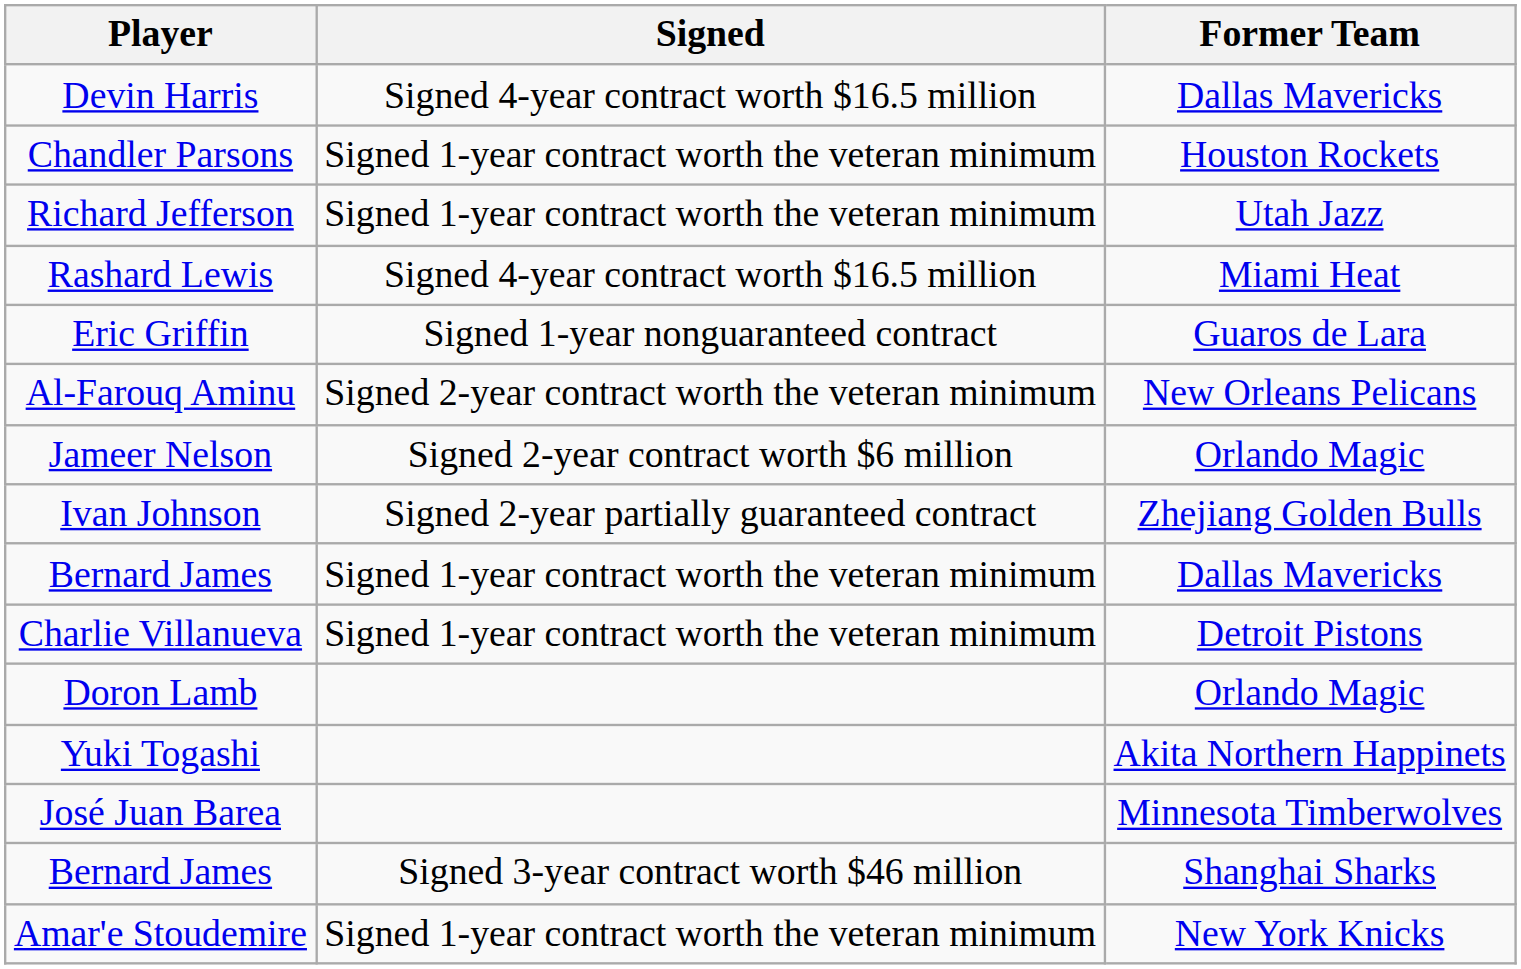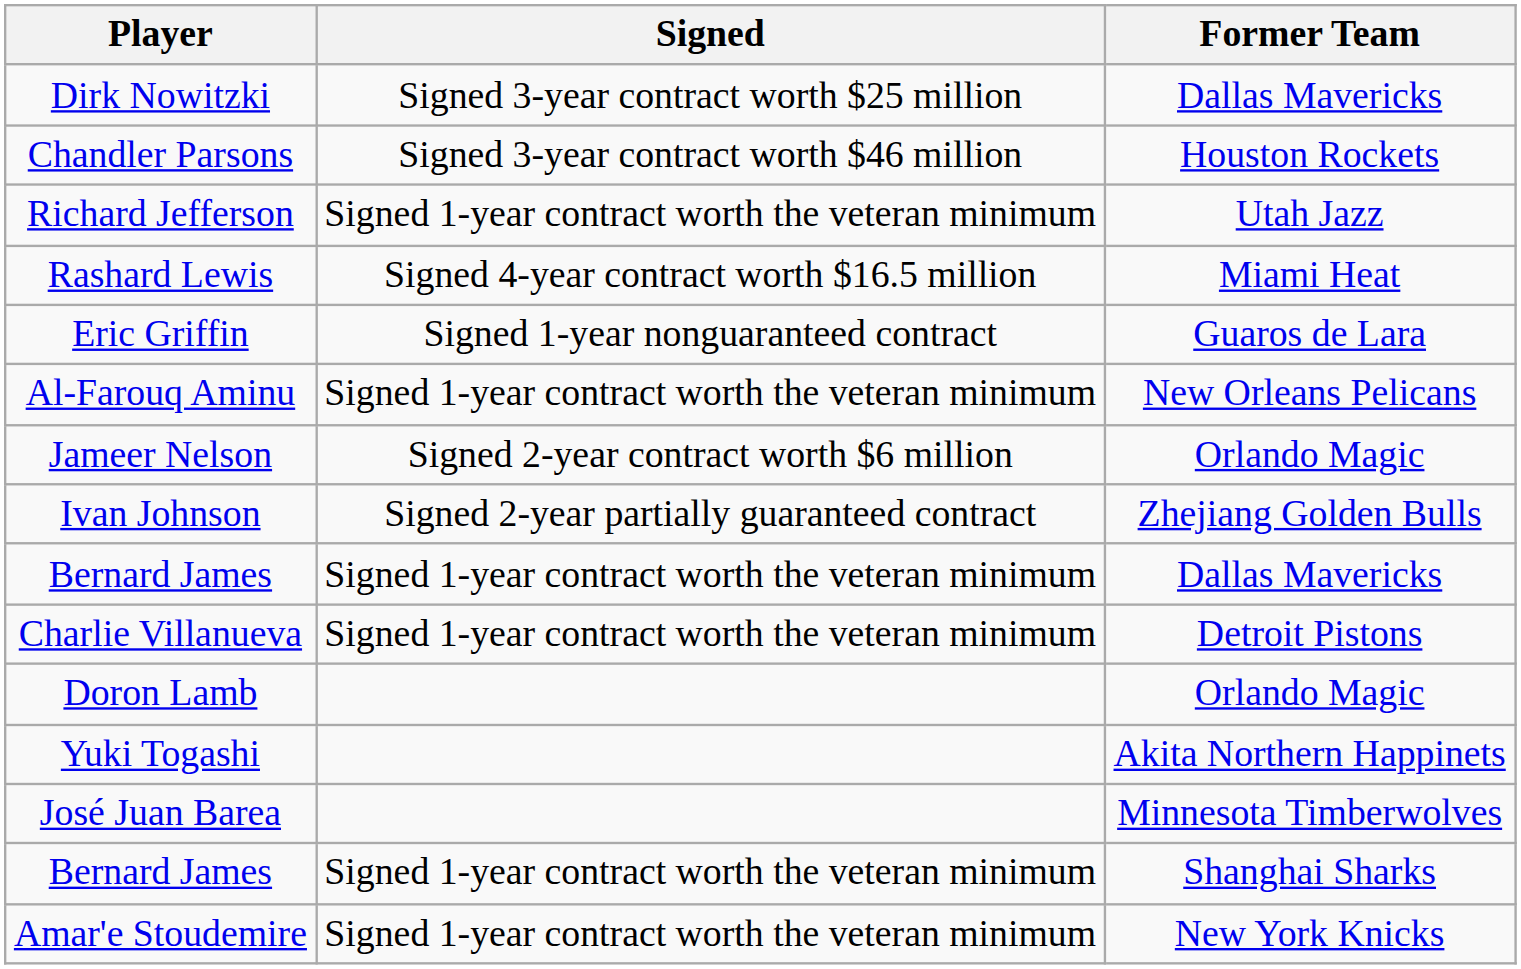 <table class="wikitable sortable sortable">
 <tr>
 <th>Player</th>
 <th>Signed</th>
 <th>Former Team</th>
 </tr>
 <tr style="text-align: center">
-<td><a href='#'>Devin Harris</a></td>
-<td>Signed 4-year contract worth $16.5 million</td>
+<td><a href='#'>Dirk Nowitzki</a></td>
+<td>Signed 3-year contract worth $25 million</td>
 <td><a href='#'>Dallas Mavericks</a></td>
 </tr>
 <tr style="text-align: center">
 <td><a href='#'>Chandler Parsons</a></td>
-<td>Signed 1-year contract worth the veteran minimum</td>
+<td>Signed 3-year contract worth $46 million</td>
 <td><a href='#'>Houston Rockets</a></td>
 </tr>
 <tr style="text-align: center">
 <td><a href='#'>Richard Jefferson</a></td>
 <td>Signed 1-year contract worth the veteran minimum</td>
 <td><a href='#'>Utah Jazz</a></td>
 </tr>
 <tr style="text-align: center">
 <td><a href='#'>Rashard Lewis</a></td>
 <td>Signed 4-year contract worth $16.5 million</td>
 <td><a href='#'>Miami Heat</a></td>
 </tr>
 <tr style="text-align: center">
 <td><a href='#'>Eric Griffin</a></td>
 <td>Signed 1-year nonguaranteed contract</td>
 <td><a href='#'>Guaros de Lara</a></td>
 </tr>
 <tr style="text-align: center">
 <td><a href='#'>Al-Farouq Aminu</a></td>
-<td>Signed 2-year contract worth the veteran minimum</td>
+<td>Signed 1-year contract worth the veteran minimum</td>
 <td><a href='#'>New Orleans Pelicans</a></td>
 </tr>
 <tr style="text-align: center">
 <td><a href='#'>Jameer Nelson</a></td>
 <td>Signed 2-year contract worth $6 million</td>
 <td><a href='#'>Orlando Magic</a></td>
 </tr>
 <tr style="text-align: center">
 <td><a href='#'>Ivan Johnson</a></td>
 <td>Signed 2-year partially guaranteed contract</td>
 <td><a href='#'>Zhejiang Golden Bulls</a></td>
 </tr>
 <tr style="text-align: center">
 <td><a href='#'>Bernard James</a></td>
 <td>Signed 1-year contract worth the veteran minimum</td>
 <td><a href='#'>Dallas Mavericks</a></td>
 </tr>
 <tr style="text-align: center">
 <td><a href='#'>Charlie Villanueva</a></td>
 <td>Signed 1-year contract worth the veteran minimum</td>
 <td><a href='#'>Detroit Pistons</a></td>
 </tr>
 <tr style="text-align: center">
 <td><a href='#'>Doron Lamb</a></td>
 <td></td>
 <td><a href='#'>Orlando Magic</a></td>
 </tr>
 <tr style="text-align: center">
 <td><a href='#'>Yuki Togashi</a></td>
 <td></td>
 <td><a href='#'>Akita Northern Happinets</a></td>
 </tr>
 <tr style="text-align: center">
 <td><a href='#'>José Juan Barea</a></td>
 <td></td>
 <td><a href='#'>Minnesota Timberwolves</a></td>
 </tr>
 <tr style="text-align: center">
 <td><a href='#'>Bernard James</a></td>
-<td>Signed 3-year contract worth $46 million</td>
+<td>Signed 1-year contract worth the veteran minimum</td>
 <td><a href='#'>Shanghai Sharks</a></td>
 </tr>
 <tr style="text-align: center">
 <td><a href='#'>Amar'e Stoudemire</a></td>
 <td>Signed 1-year contract worth the veteran minimum</td>
 <td><a href='#'>New York Knicks</a></td>
 </tr>
 </table>
